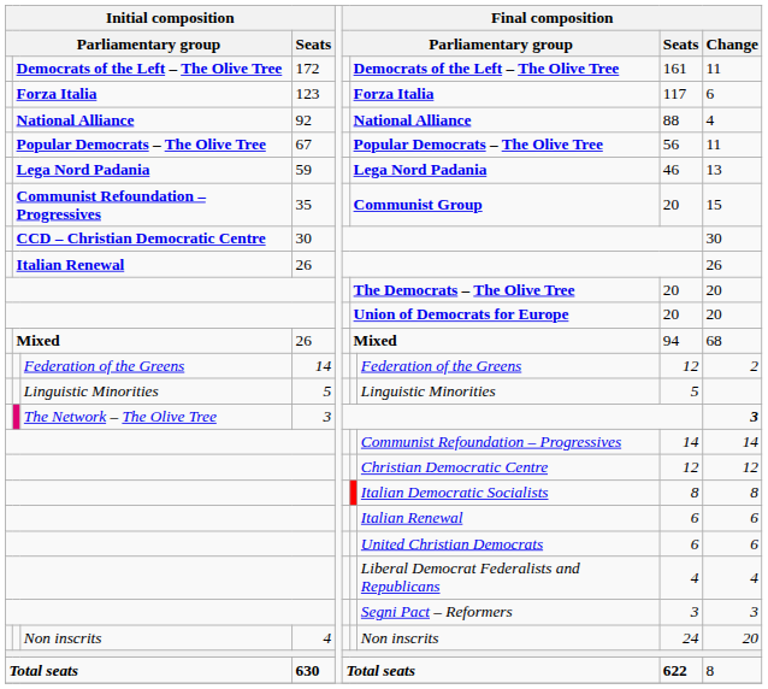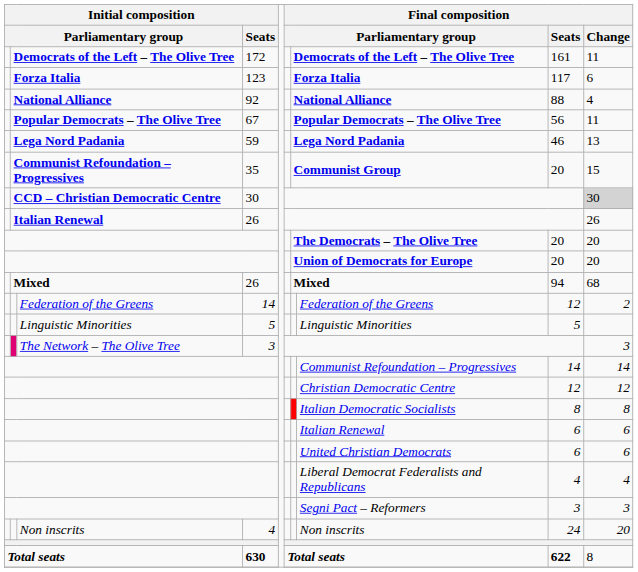 <table class="wikitable" style="width : 60%;">
 <tr>
 <th colspan="4">Initial composition</th>
 <td rowspan="30" style="width : 1%;"></td>
 <th colspan="5">Final composition</th>
 </tr>
 <tr>
 <th colspan="3">Parliamentary group</th>
 <th>Seats</th>
 <th colspan="3">Parliamentary group</th>
 <th>Seats</th>
 <th>Change</th>
 </tr>
 <tr>
 <td></td>
 <td colspan = "2"><strong><a href='#'>Democrats of the Left</a> – <a href='#'>The Olive Tree</a></strong></td>
 <td>172</td>
 <td></td>
 <td colspan = "2"><strong><a href='#'>Democrats of the Left</a> – <a href='#'>The Olive Tree</a></strong></td>
 <td>161</td>
 <td> 11</td>
 </tr>
 <tr>
 <td></td>
 <td colspan = "2"><strong><a href='#'>Forza Italia</a></strong></td>
 <td>123</td>
 <td></td>
 <td colspan = "2"><strong><a href='#'>Forza Italia</a></strong></td>
 <td>117</td>
 <td> 6</td>
 </tr>
 <tr>
 <td></td>
 <td colspan = "2"><strong><a href='#'>National Alliance</a></strong></td>
 <td>92</td>
 <td></td>
 <td colspan = "2"><strong><a href='#'>National Alliance</a></strong></td>
 <td>88</td>
 <td> 4</td>
 </tr>
 <tr>
 <td></td>
 <td colspan = "2"><strong><a href='#'>Popular Democrats</a> – <a href='#'>The Olive Tree</a></strong></td>
 <td>67</td>
 <td></td>
 <td colspan = "2"><strong><a href='#'>Popular Democrats</a> – <a href='#'>The Olive Tree</a></strong></td>
 <td>56</td>
 <td> 11</td>
 </tr>
 <tr>
 <td></td>
 <td colspan = "2"><strong><a href='#'>Lega Nord Padania</a></strong></td>
 <td>59</td>
 <td></td>
 <td colspan = "2"><strong><a href='#'>Lega Nord Padania</a></strong></td>
 <td>46</td>
 <td> 13</td>
 </tr>
 <tr>
 <td></td>
 <td colspan = "2"><strong><a href='#'>Communist Refoundation – Progressives</a></strong></td>
 <td>35</td>
 <td></td>
 <td colspan = "2"><strong><a href='#'>Communist Group</a></strong></td>
 <td>20</td>
 <td> 15</td>
 </tr>
 <tr>
 <td></td>
 <td colspan = "2"><strong><a href='#'>CCD – Christian Democratic Centre</a></strong></td>
 <td>30</td>
 <td colspan = "4"></td>
-<td> 30</td>
+<td style="background: lightgrey;"> 30</td>
 </tr>
 <tr>
 <td></td>
 <td colspan = "2"><strong><a href='#'>Italian Renewal</a></strong></td>
 <td>26</td>
 <td colspan = "4"></td>
 <td> 26</td>
 </tr>
 <tr>
 <td colspan = "4"></td>
 <td></td>
 <td colspan = "2"><strong><a href='#'>The Democrats</a> – <a href='#'>The Olive Tree</a></strong></td>
 <td>20</td>
 <td> 20</td>
 </tr>
 <tr>
 <td colspan = "4"></td>
 <td></td>
 <td colspan = "2"><strong><a href='#'>Union of Democrats for Europe</a></strong></td>
 <td>20</td>
 <td> 20</td>
 </tr>
 <tr>
 <td></td>
 <td colspan = "2"><strong>Mixed</strong></td>
 <td>26</td>
 <td></td>
 <td colspan = "2"><strong>Mixed</strong></td>
 <td>94</td>
 <td> 68</td>
 </tr>
 <tr>
 <td></td>
 <td></td>
 <td><em><a href='#'>Federation of the Greens</a></em></td>
 <td align="right"><em>14</em></td>
 <td></td>
 <td></td>
 <td><em><a href='#'>Federation of the Greens</a></em></td>
 <td align="right"><em>12</em></td>
 <td align="right"> <em>2</em></td>
 </tr>
 <tr>
 <td></td>
 <td></td>
 <td><em>Linguistic Minorities</em></td>
 <td align="right"><em>5</em></td>
 <td></td>
 <td></td>
 <td><em>Linguistic Minorities</em></td>
 <td align="right"><em>5</em></td>
 <td align="right"></td>
 </tr>
 <tr>
 <td></td>
 <td bgcolor="#DF0174" width=1%></td>
 <td><em><a href='#'>The Network</a> – <a href='#'>The Olive Tree</a></em></td>
 <td align="right"><em>3</em></td>
 <td colspan="4"></td>
-<td align="right"><strong> <em>3</em></strong></td>
+<td align="right"> <em>3</em></td>
 </tr>
 <tr>
 <td colspan="4"></td>
 <td></td>
 <td></td>
 <td><em><a href='#'>Communist Refoundation – Progressives</a></em></td>
 <td align="right"><em>14</em></td>
 <td align="right"> <em>14</em></td>
 </tr>
 <tr>
 <td colspan="4"></td>
 <td></td>
 <td></td>
 <td><em><a href='#'>Christian Democratic Centre</a></em></td>
 <td align="right"><em>12</em></td>
 <td align="right"> <em>12</em></td>
 </tr>
 <tr>
 <td colspan="4"></td>
 <td></td>
 <td bgcolor="red" width=1%></td>
 <td><em><a href='#'>Italian Democratic Socialists</a></em></td>
 <td align="right"><em>8</em></td>
 <td align="right"> <em>8</em></td>
 </tr>
 <tr>
 <td colspan="4"></td>
 <td></td>
 <td></td>
 <td><em><a href='#'>Italian Renewal</a></em></td>
 <td align="right"><em>6</em></td>
 <td align="right"> <em>6</em></td>
 </tr>
 <tr>
 <td colspan="4"></td>
 <td></td>
 <td></td>
 <td><em><a href='#'>United Christian Democrats</a></em></td>
 <td align="right"><em>6</em></td>
 <td align="right"> <em>6</em></td>
 </tr>
 <tr>
 <td colspan="4"></td>
 <td></td>
 <td></td>
 <td><em>Liberal Democrat Federalists and <a href='#'>Republicans</a></em></td>
 <td align="right"><em>4</em></td>
 <td align="right"> <em>4</em></td>
 </tr>
 <tr>
 <td colspan="4"></td>
 <td></td>
 <td></td>
 <td><em><a href='#'>Segni Pact</a> – Reformers</em></td>
 <td align="right"><em>3</em></td>
 <td align="right"> <em>3</em></td>
 </tr>
 <tr>
 <td></td>
 <td></td>
 <td><em>Non inscrits</em></td>
 <td align="right"><em>4</em></td>
 <td></td>
 <td></td>
 <td><em>Non inscrits</em></td>
 <td align="right"><em>24</em></td>
 <td align="right"> <em>20</em></td>
 </tr>
 <tr>
 <th colspan="4"></th>
 <th colspan="5"></th>
 </tr>
 <tr>
 <td colspan="3"><strong><em>Total seats</em></strong></td>
 <td><strong>630</strong></td>
 <td colspan="3"><strong><em>Total seats</em></strong></td>
 <td><strong>622</strong></td>
 <td> 8</td>
 </tr>
 <tr>
 </tr>
 </table>
